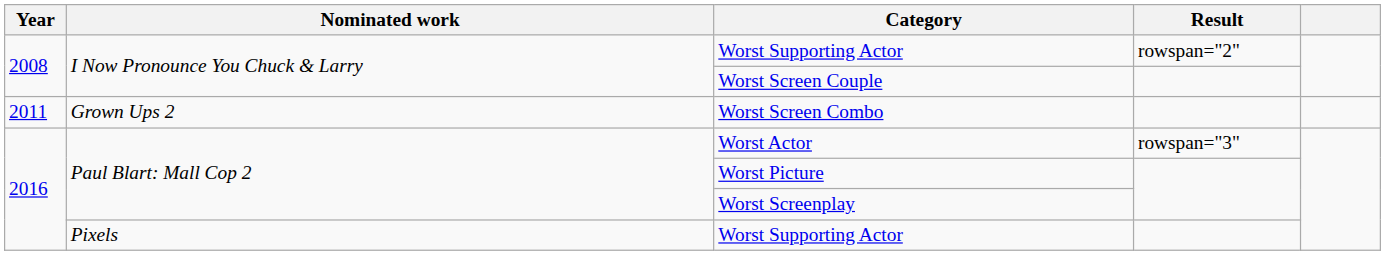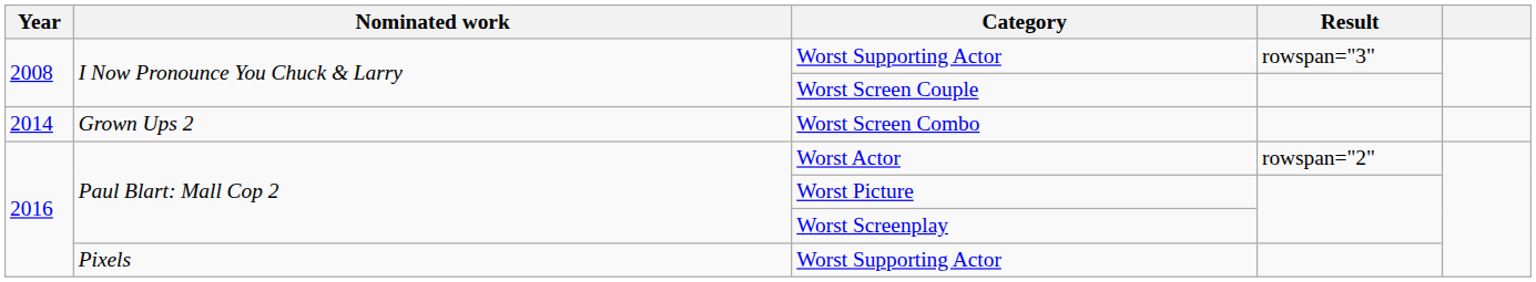 <table class="wikitable plainrowheaders sortable" style="text-align:left; width:90%;">
 <tr>
 <th scope="col" style="width:2.8em;">Year</th>
 <th scope="col" style="width:36em;">Nominated work</th>
 <th scope="col" style="width:23em;">Category</th>
 <th scope="col" style="width:8.5em;">Result</th>
 <th scope="col" style="width:4em;"></th>
 </tr>
 <tr>
 <td rowspan="2"><a href='#'>2008</a></td>
 <td rowspan="2"><em>I Now Pronounce You Chuck & Larry</em></td>
 <td><a href='#'>Worst Supporting Actor</a></td>
-<td>rowspan="2" </td>
+<td>rowspan="3" </td>
 <td rowspan="2" align="center"></td>
 </tr>
 <tr>
 <td><a href='#'>Worst Screen Couple</a></td>
 </tr>
 <tr>
-<td><a href='#'>2011</a></td>
+<td><a href='#'>2014</a></td>
 <td><em>Grown Ups 2</em></td>
 <td><a href='#'>Worst Screen Combo</a></td>
 <td></td>
 <td align="center"></td>
 </tr>
 <tr>
 <td rowspan="4"><a href='#'>2016</a></td>
 <td rowspan="3"><em>Paul Blart: Mall Cop 2</em></td>
 <td><a href='#'>Worst Actor</a></td>
-<td>rowspan="3" </td>
+<td>rowspan="2" </td>
 <td rowspan="4" align="center"></td>
 </tr>
 <tr>
 <td><a href='#'>Worst Picture</a></td>
 </tr>
 <tr>
 <td><a href='#'>Worst Screenplay</a></td>
 </tr>
 <tr>
 <td><em>Pixels</em></td>
 <td><a href='#'>Worst Supporting Actor</a></td>
 <td></td>
 </tr>
 </table>
